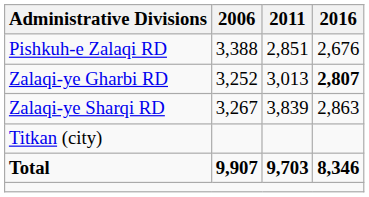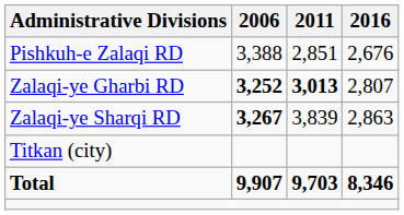 <table class="wikitable">
 <tr>
 <th>Administrative Divisions</th>
 <th>2006</th>
 <th>2011</th>
 <th>2016</th>
 </tr>
 <tr>
 <td><a href='#'>Pishkuh-e Zalaqi RD</a></td>
 <td style="text-align: right;">3,388</td>
 <td style="text-align: right;">2,851</td>
 <td style="text-align: right;">2,676</td>
 </tr>
 <tr>
 <td><a href='#'>Zalaqi-ye Gharbi RD</a></td>
-<td style="text-align: right;">3,252</td>
-<td style="text-align: right;">3,013</td>
-<td style="text-align: right;"><strong>2,807</strong></td>
+<td style="text-align: right;"><strong>3,252</strong></td>
+<td style="text-align: right;"><strong>3,013</strong></td>
+<td style="text-align: right;">2,807</td>
 </tr>
 <tr>
 <td><a href='#'>Zalaqi-ye Sharqi RD</a></td>
-<td style="text-align: right;">3,267</td>
+<td style="text-align: right;"><strong>3,267</strong></td>
 <td style="text-align: right;">3,839</td>
 <td style="text-align: right;">2,863</td>
 </tr>
 <tr>
 <td><a href='#'>Titkan</a> (city)</td>
 <td style="text-align: right;"></td>
 <td style="text-align: right;"></td>
 <td style="text-align: right;"></td>
 </tr>
 <tr>
 <td><strong>Total</strong></td>
 <td style="text-align: right;"><strong>9,907</strong></td>
 <td style="text-align: right;"><strong>9,703</strong></td>
 <td style="text-align: right;"><strong>8,346</strong></td>
 </tr>
 <tr>
 <td colspan=4></td>
 </tr>
 </table>
